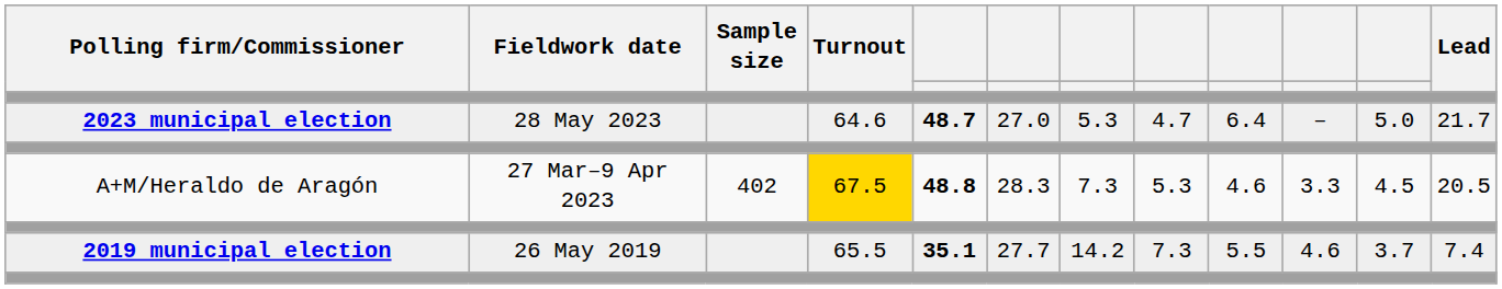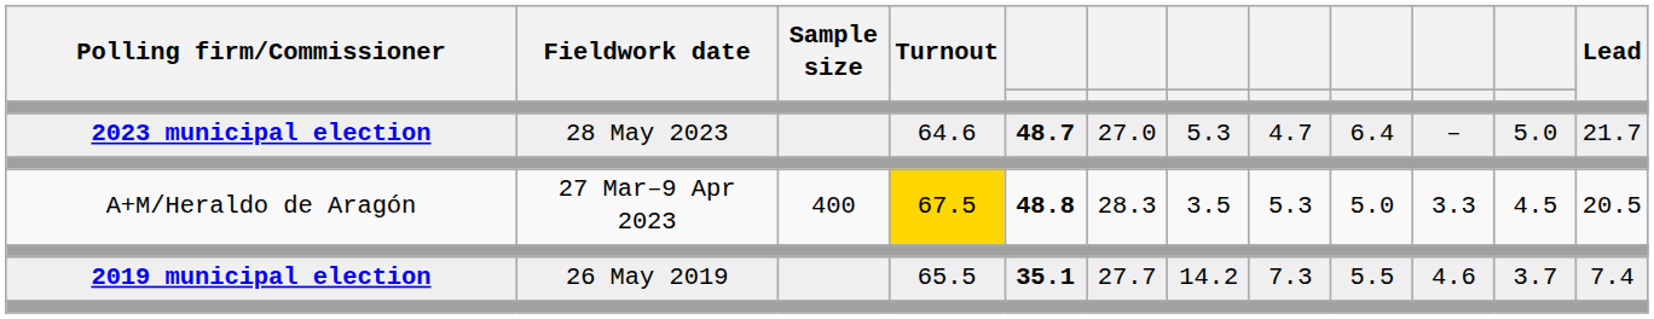 <table class="wikitable collapsible collapsed" style="text-align:center; font-size:95%; line-height:16px;">
 <tr style="height:42px;">
 <th style="width:250px;" rowspan="2">Polling firm/Commissioner</th>
 <th style="width:125px;" rowspan="2">Fieldwork date</th>
 <th style="width:50px;" rowspan="2">Sample size</th>
 <th style="width:45px;" rowspan="2">Turnout</th>
 <th style="width:35px;"></th>
 <th style="width:35px;"></th>
 <th style="width:35px;"></th>
 <th style="width:35px;"></th>
 <th style="width:35px;"></th>
 <th style="width:35px;"></th>
 <th style="width:35px;"></th>
 <th style="width:30px;" rowspan="2">Lead</th>
 </tr>
 <tr>
 <th style="color:inherit;background:"></th>
 <th style="color:inherit;background:"></th>
 <th style="color:inherit;background:"></th>
 <th style="color:inherit;background:"></th>
 <th style="color:inherit;background:"></th>
 <th style="color:inherit;background:"></th>
 <th style="color:inherit;background:"></th>
 </tr>
 <tr>
 <td colspan="12" style="background:#A0A0A0"></td>
 </tr>
 <tr style="background:#EFEFEF;">
 <td><strong><a href='#'>2023 municipal election</a></strong></td>
 <td>28 May 2023</td>
 <td></td>
 <td>64.6</td>
 <td><strong>48.7</strong><br></td>
 <td>27.0<br></td>
 <td>5.3<br></td>
 <td>4.7<br></td>
 <td>6.4<br></td>
 <td>–</td>
 <td>5.0<br></td>
 <td style="background:">21.7</td>
 </tr>
 <tr>
 <td colspan="12" style="background:#A0A0A0"></td>
 </tr>
 <tr>
 <td>A+M/Heraldo de Aragón</td>
 <td>27 Mar–9 Apr 2023</td>
-<td>402</td>
+<td>400</td>
 <td style="background: gold;">67.5</td>
 <td><strong>48.8</strong><br></td>
 <td>28.3<br></td>
-<td>7.3<br></td>
+<td>3.5<br></td>
 <td>5.3<br></td>
-<td>4.6<br></td>
+<td>5.0<br></td>
 <td>3.3<br></td>
 <td>4.5<br></td>
 <td style="background:">20.5</td>
 </tr>
 <tr>
 <td colspan="12" style="background:#A0A0A0"></td>
 </tr>
 <tr style="background:#EFEFEF;">
 <td><strong><a href='#'>2019 municipal election</a></strong></td>
 <td>26 May 2019</td>
 <td></td>
 <td>65.5</td>
 <td><strong>35.1</strong><br></td>
 <td>27.7<br></td>
 <td>14.2<br></td>
 <td>7.3<br></td>
 <td>5.5<br></td>
 <td>4.6<br></td>
 <td>3.7<br></td>
 <td style="background:">7.4</td>
 </tr>
 <tr>
 <td colspan="12" style="background:#A0A0A0"></td>
 </tr>
 </table>
